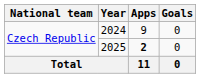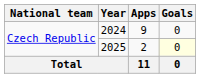 <table class="wikitable" style="text-align:center">
 <tr>
 <th>National team</th>
 <th>Year</th>
 <th>Apps</th>
 <th>Goals</th>
 </tr>
 <tr>
 <td rowspan="2"><a href='#'>Czech Republic</a></td>
 <td>2024</td>
 <td>9</td>
 <td>0</td>
 </tr>
 <tr>
 <td>2025</td>
-<td><strong>2</strong></td>
-<td>0</td>
+<td>2</td>
+<td style="background: lightyellow;">0</td>
 </tr>
 <tr>
 <th colspan="2">Total</th>
 <th>11</th>
 <th>0</th>
 </tr>
 </table>
